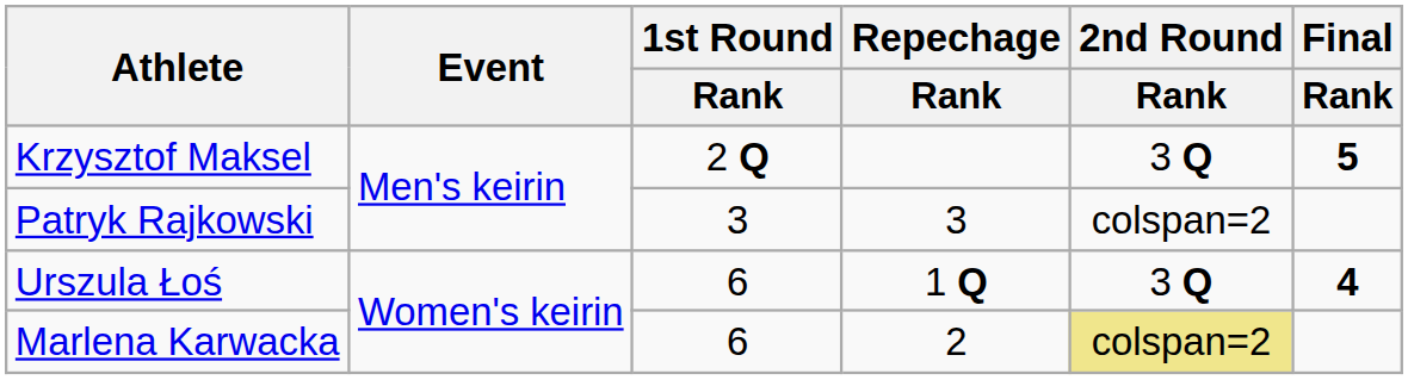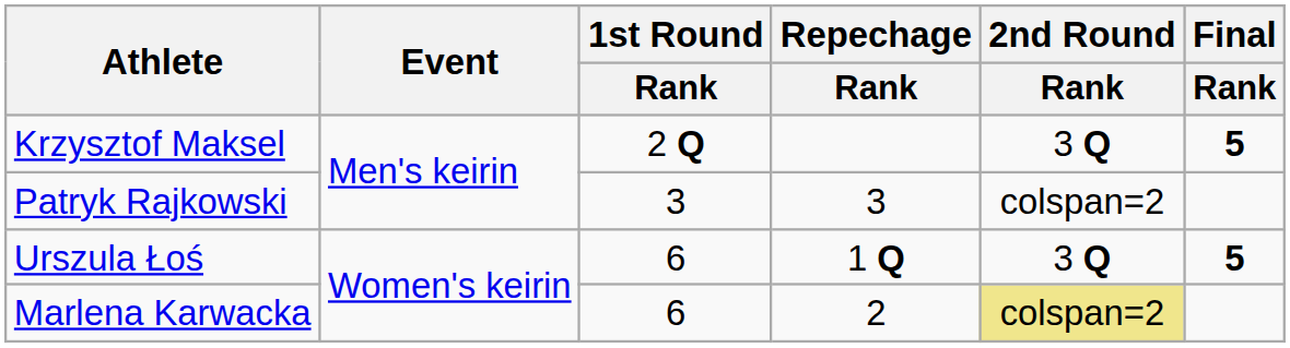 <table class="wikitable" style="font-size:90%">
 <tr>
 <th rowspan=2>Athlete</th>
 <th rowspan=2>Event</th>
 <th>1st Round</th>
 <th>Repechage</th>
 <th>2nd Round</th>
 <th>Final</th>
 </tr>
 <tr style="font-size:95%">
 <th>Rank</th>
 <th>Rank</th>
 <th>Rank</th>
 <th>Rank</th>
 </tr>
 <tr align=center>
 <td align=left><a href='#'>Krzysztof Maksel</a></td>
 <td align=left rowspan=2><a href='#'>Men's keirin</a></td>
 <td>2 <strong>Q</strong></td>
 <td></td>
 <td>3 <strong>Q</strong></td>
 <td><strong>5</strong></td>
 </tr>
 <tr align=center>
 <td align=left><a href='#'>Patryk Rajkowski</a></td>
 <td>3</td>
 <td>3</td>
 <td>colspan=2 </td>
 </tr>
 <tr align=center>
 <td align=left><a href='#'>Urszula Łoś</a></td>
 <td align=left rowspan=2><a href='#'>Women's keirin</a></td>
 <td>6</td>
 <td>1 <strong>Q</strong></td>
 <td>3 <strong>Q</strong></td>
-<td><strong>4</strong></td>
+<td><strong>5</strong></td>
 </tr>
 <tr align=center>
 <td align=left><a href='#'>Marlena Karwacka</a></td>
 <td>6</td>
 <td>2</td>
 <td style="background: khaki;">colspan=2 </td>
 </tr>
 </table>
